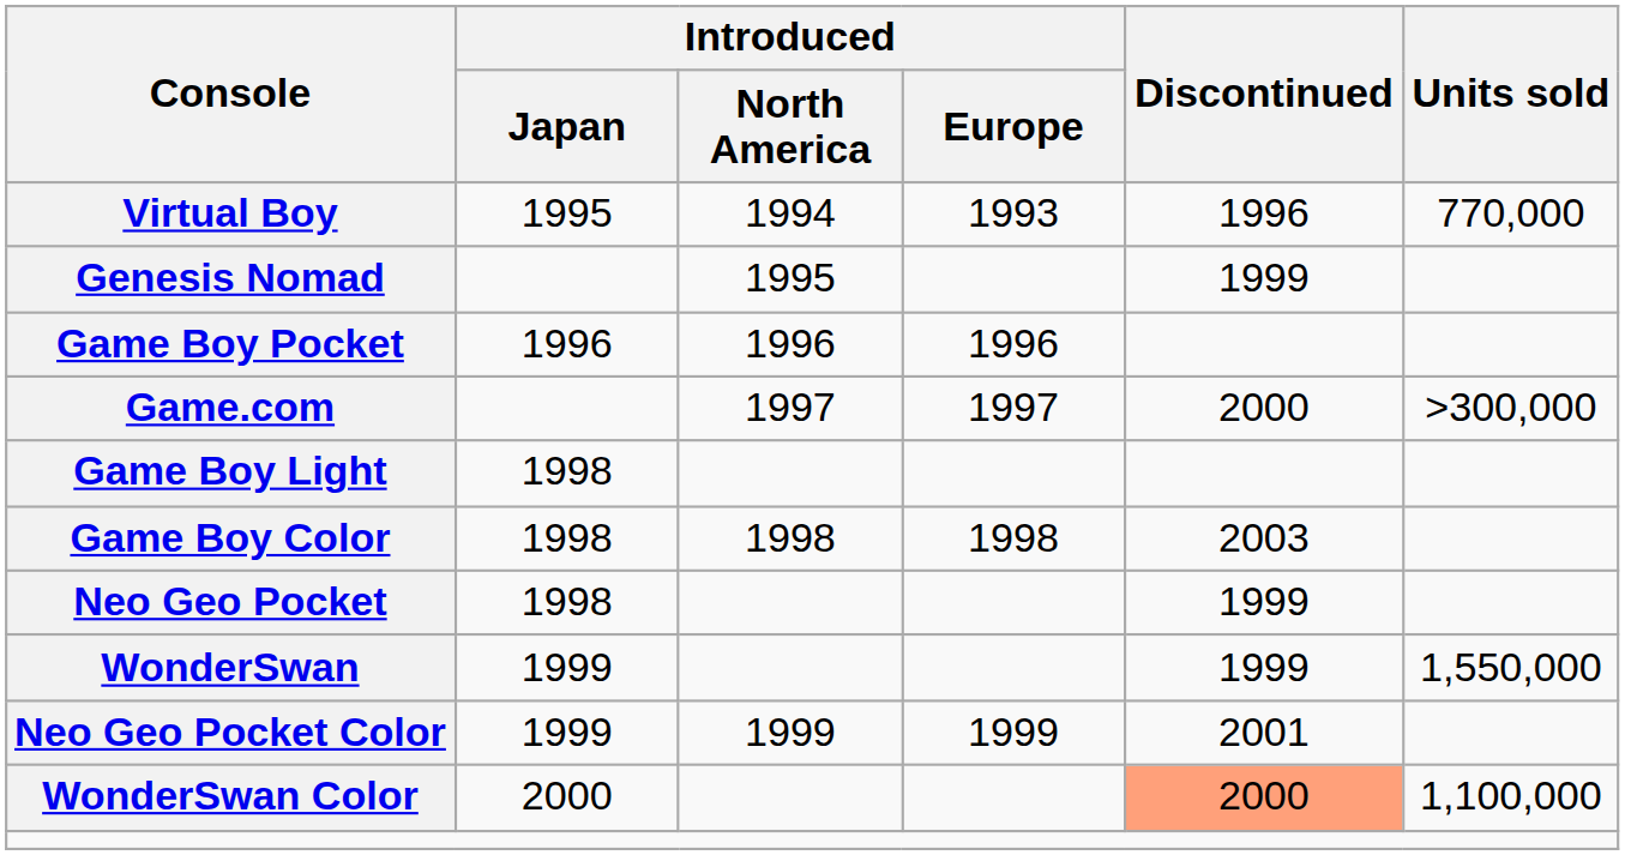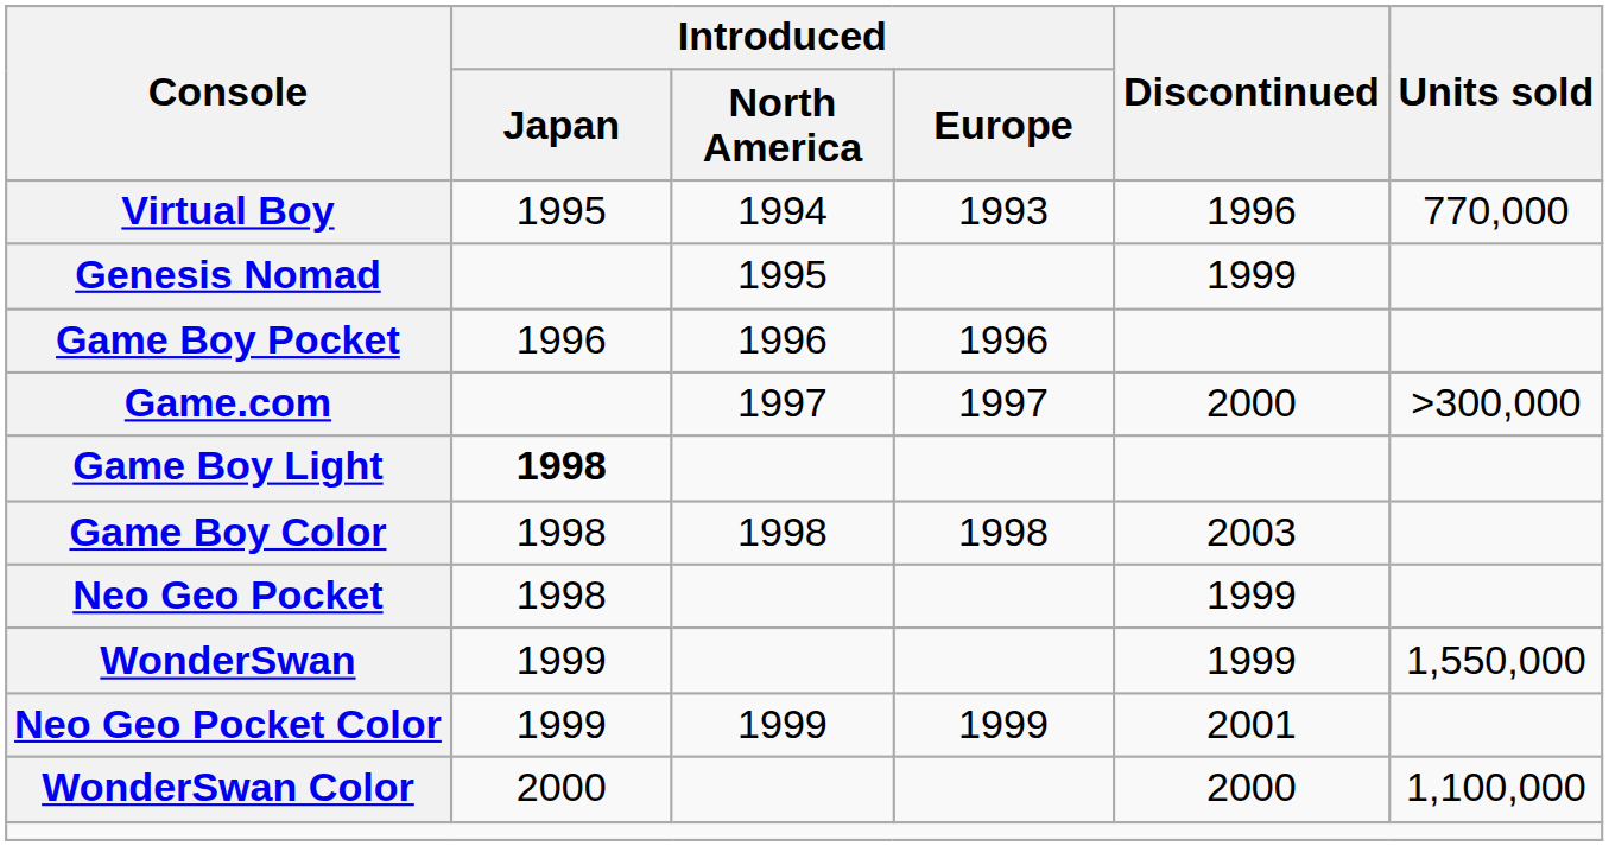 <table class="wikitable" style="margin: 1em auto 1em auto;">
 <tr>
 <th rowspan="2">Console</th>
 <th colspan="3">Introduced</th>
 <th rowspan="2">Discontinued</th>
 <th rowspan="2">Units sold</th>
 </tr>
 <tr>
 <th style="width:5em;">Japan</th>
 <th style="width:5em;">North America</th>
 <th style="width:5em;">Europe</th>
 </tr>
 <tr style="text-align: center;">
 <th><a href='#'>Virtual Boy</a></th>
 <td>1995</td>
 <td>1994</td>
 <td>1993</td>
 <td>1996</td>
 <td>770,000</td>
 </tr>
 <tr style="text-align: center;">
 <th><a href='#'>Genesis Nomad</a></th>
 <td></td>
 <td>1995</td>
 <td></td>
 <td>1999</td>
 <td></td>
 </tr>
 <tr style="text-align: center;">
 <th><a href='#'>Game Boy Pocket</a></th>
 <td>1996</td>
 <td>1996</td>
 <td>1996</td>
 <td></td>
 <td></td>
 </tr>
 <tr style="text-align: center;">
 <th><a href='#'>Game.com</a></th>
 <td></td>
 <td>1997</td>
 <td>1997</td>
 <td>2000</td>
 <td>>300,000</td>
 </tr>
 <tr style="text-align: center;">
 <th><a href='#'>Game Boy Light</a></th>
-<td>1998</td>
+<td><strong>1998</strong></td>
 <td></td>
 <td></td>
 <td></td>
 <td></td>
 </tr>
 <tr style="text-align: center;">
 <th><a href='#'>Game Boy Color</a></th>
 <td>1998</td>
 <td>1998</td>
 <td>1998</td>
 <td>2003</td>
 <td></td>
 </tr>
 <tr style="text-align: center;">
 <th><a href='#'>Neo Geo Pocket</a></th>
 <td>1998</td>
 <td></td>
 <td></td>
 <td>1999</td>
 <td></td>
 </tr>
 <tr style="text-align: center;">
 <th><a href='#'>WonderSwan</a></th>
 <td>1999</td>
 <td></td>
 <td></td>
 <td>1999</td>
 <td>1,550,000</td>
 </tr>
 <tr style="text-align: center;">
 <th><a href='#'>Neo Geo Pocket Color</a></th>
 <td>1999</td>
 <td>1999</td>
 <td>1999</td>
 <td>2001</td>
 <td></td>
 </tr>
 <tr style="text-align: center;">
 <th><a href='#'>WonderSwan Color</a></th>
 <td>2000</td>
 <td></td>
 <td></td>
-<td style="background: lightsalmon;">2000</td>
+<td>2000</td>
 <td>1,100,000</td>
 </tr>
 <tr>
 <td colspan="6"></td>
 </tr>
 </table>
